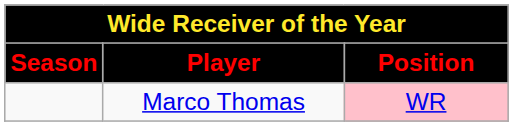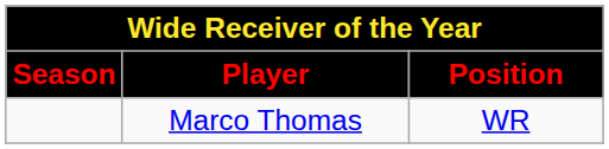 <table class="wikitable sortable" style="text-align:center">
 <tr>
 <td colspan="4" style="background:black; color:#FFE92B;"><strong>Wide Receiver of the Year</strong></td>
 </tr>
 <tr>
 <th style="width:50px; background:black; color:red;">Season</th>
 <th style="width:150px; background:black; color:red;">Player</th>
 <th style="width:100px; background:black; color:red;">Position</th>
 </tr>
 <tr>
 <td></td>
 <td><a href='#'>Marco Thomas</a></td>
-<td style="background: pink;"><a href='#'>WR</a></td>
+<td><a href='#'>WR</a></td>
 </tr>
 </table>
